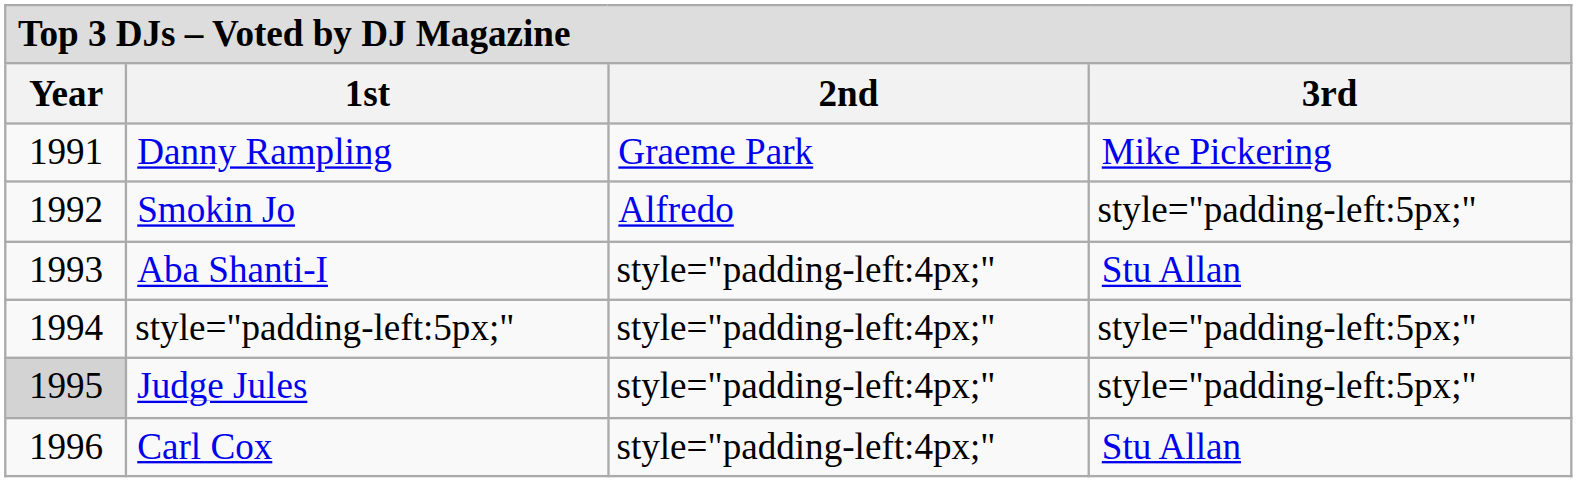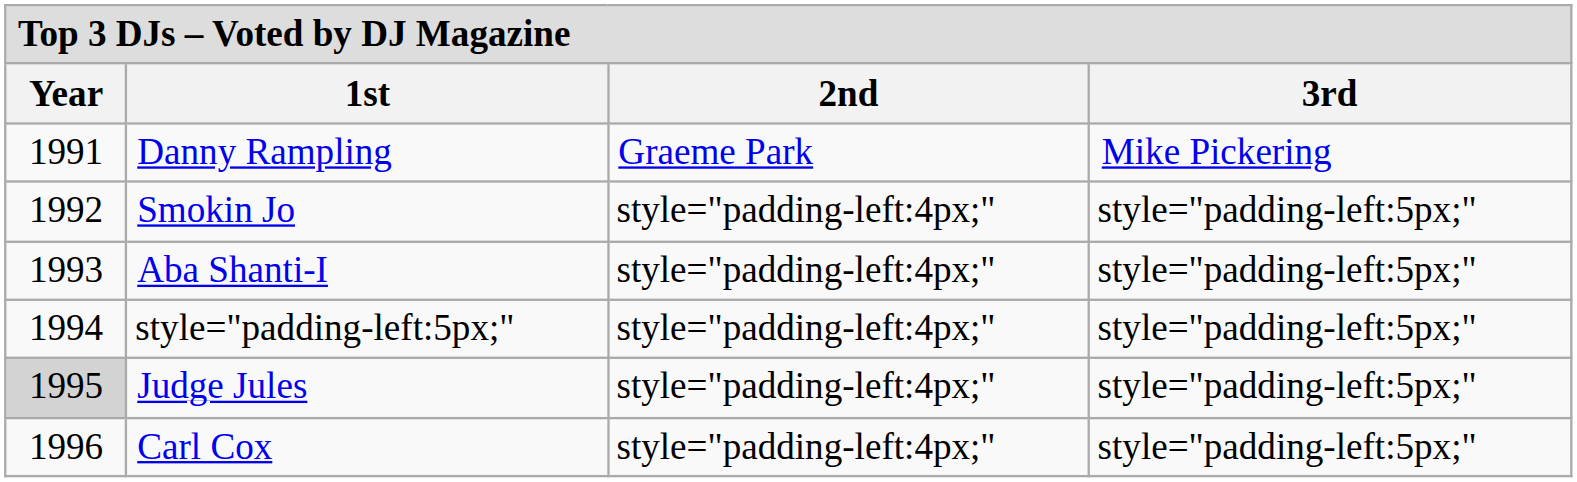 <table class="wikitable" style="margin-left:1em;">
 <tr>
 <td colspan="6" style="background:#ddd; padding-left:5px;"><strong>Top 3 DJs – Voted by DJ Magazine</strong></td>
 </tr>
 <tr>
 <th style="width:45px;">Year</th>
 <th style="width:200px;">1st</th>
 <th style="width:200px;">2nd</th>
 <th style="width:200px;">3rd</th>
 </tr>
 <tr style="vertical-align:top;">
 <td style="text-align:center;">1991</td>
 <td style="padding-left:4px;"><a href='#'>Danny Rampling</a></td>
 <td style="padding-left:4px;"><a href='#'>Graeme Park</a></td>
 <td style="padding-left:5px;"><a href='#'>Mike Pickering</a></td>
 </tr>
 <tr style="vertical-align:top;">
 <td style="text-align:center;">1992</td>
 <td style="padding-left:4px;"><a href='#'>Smokin Jo</a></td>
-<td style="padding-left:4px;"><a href='#'>Alfredo</a></td>
+<td>style="padding-left:4px;" </td>
 <td>style="padding-left:5px;" </td>
 </tr>
 <tr style="vertical-align:top;">
 <td style="text-align:center;">1993</td>
 <td style="padding-left:4px;"><a href='#'>Aba Shanti-I</a></td>
 <td>style="padding-left:4px;" </td>
-<td style="padding-left:5px;"><a href='#'>Stu Allan</a></td>
+<td>style="padding-left:5px;" </td>
 </tr>
 <tr style="vertical-align:top;">
 <td style="text-align:center;">1994</td>
 <td>style="padding-left:5px;" </td>
 <td>style="padding-left:4px;" </td>
 <td>style="padding-left:5px;" </td>
 </tr>
 <tr style="vertical-align:top;">
 <td style="background: lightgrey; text-align:center;">1995</td>
 <td style="padding-left:4px;"><a href='#'>Judge Jules</a></td>
 <td>style="padding-left:4px;" </td>
 <td>style="padding-left:5px;" </td>
 </tr>
 <tr style="vertical-align:top;">
 <td style="text-align:center;">1996</td>
 <td style="padding-left:4px;"><a href='#'>Carl Cox</a></td>
 <td>style="padding-left:4px;" </td>
-<td style="padding-left:5px;"><a href='#'>Stu Allan</a></td>
+<td>style="padding-left:5px;" </td>
 </tr>
 </table>
